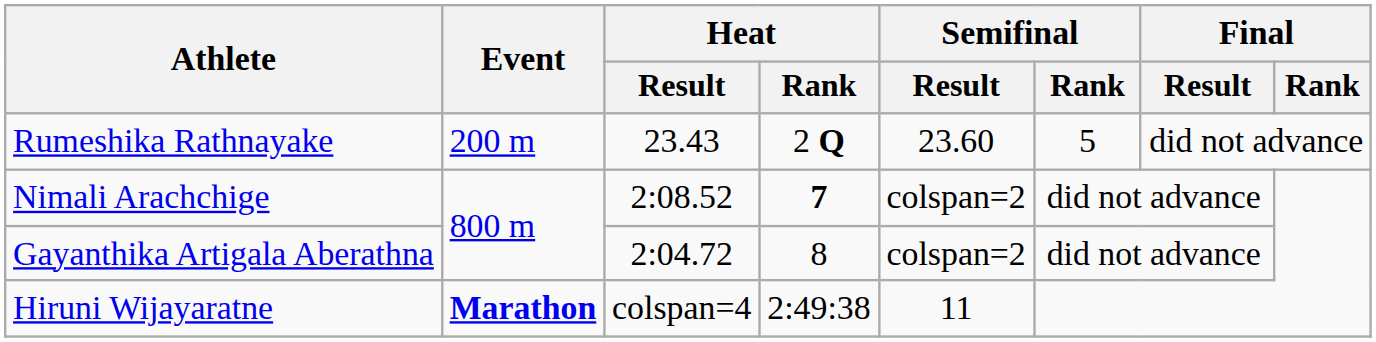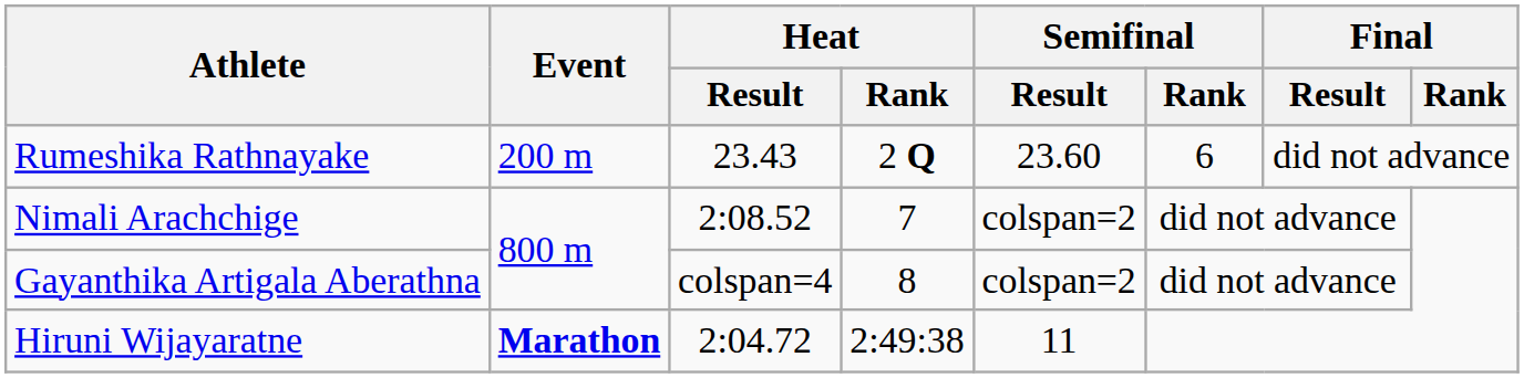 <table class="wikitable" style="font-size:90%">
 <tr>
 <th rowspan=2>Athlete</th>
 <th rowspan=2>Event</th>
 <th colspan=2>Heat</th>
 <th colspan=2>Semifinal</th>
 <th colspan=2>Final</th>
 </tr>
 <tr style="font-size:95%">
 <th>Result</th>
 <th>Rank</th>
 <th>Result</th>
 <th>Rank</th>
 <th>Result</th>
 <th>Rank</th>
 </tr>
 <tr align=center>
 <td align=left><a href='#'>Rumeshika Rathnayake</a></td>
 <td align=left><a href='#'>200 m</a></td>
 <td>23.43</td>
 <td>2 <strong>Q</strong></td>
 <td>23.60</td>
-<td>5</td>
+<td>6</td>
 <td colspan=2>did not advance</td>
 </tr>
 <tr align=center>
 <td align=left><a href='#'>Nimali Arachchige</a></td>
 <td align=left rowspan=2><a href='#'>800 m</a></td>
 <td>2:08.52</td>
-<td><strong>7</strong></td>
+<td>7</td>
 <td>colspan=2 </td>
 <td colspan=2>did not advance</td>
 </tr>
 <tr align=center>
 <td align=left><a href='#'>Gayanthika Artigala Aberathna</a></td>
-<td>2:04.72</td>
+<td>colspan=4 </td>
 <td>8</td>
 <td>colspan=2 </td>
 <td colspan=2>did not advance</td>
 </tr>
 <tr align=center>
 <td align=left><a href='#'>Hiruni Wijayaratne</a></td>
 <td align=left><strong><a href='#'>Marathon</a></strong></td>
-<td>colspan=4 </td>
+<td>2:04.72</td>
 <td>2:49:38</td>
 <td>11</td>
 </tr>
 </table>
